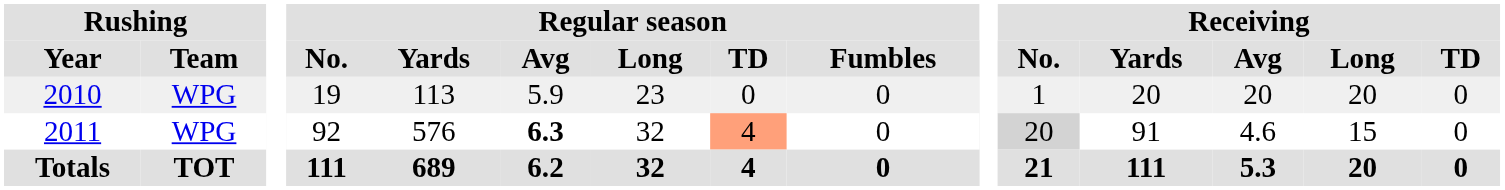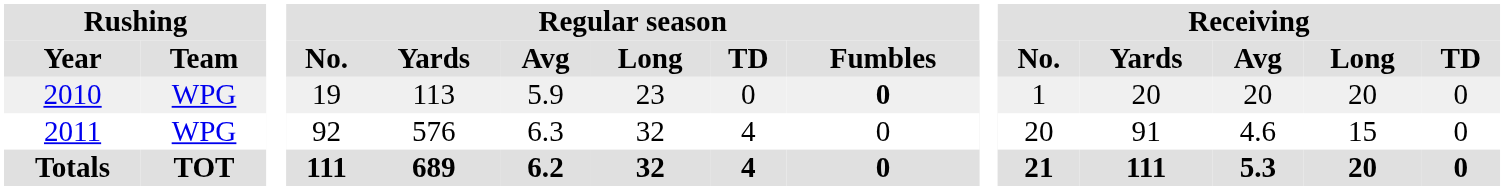 <table BORDER="0" CELLPADDING="1" CELLSPACING="0" width="65%" style="text-align:center">
 <tr bgcolor="#e0e0e0">
 <th colspan="2">Rushing</th>
 <th rowspan="99" bgcolor="#ffffff"> </th>
 <th colspan="6">Regular season</th>
 <th rowspan="99" bgcolor="#ffffff"> </th>
 <th colspan="6">Receiving</th>
 </tr>
 <tr bgcolor="#e0e0e0">
 <th>Year</th>
 <th>Team</th>
 <th>No.</th>
 <th>Yards</th>
 <th>Avg</th>
 <th>Long</th>
 <th>TD</th>
 <th>Fumbles</th>
 <th>No.</th>
 <th>Yards</th>
 <th>Avg</th>
 <th>Long</th>
 <th>TD</th>
 </tr>
 <tr ALIGN="center" bgcolor="#f0f0f0">
 <td><a href='#'>2010</a></td>
 <td><a href='#'>WPG</a></td>
 <td>19</td>
 <td>113</td>
 <td>5.9</td>
 <td>23</td>
 <td>0</td>
-<td>0</td>
+<td><strong>0</strong></td>
 <td>1</td>
 <td>20</td>
 <td>20</td>
 <td>20</td>
 <td>0</td>
 </tr>
 <tr>
 <td><a href='#'>2011</a></td>
 <td><a href='#'>WPG</a></td>
 <td>92</td>
 <td>576</td>
-<td><strong>6.3</strong></td>
+<td>6.3</td>
 <td>32</td>
-<td style="background: lightsalmon;">4</td>
+<td>4</td>
 <td>0</td>
-<td style="background: lightgrey;">20</td>
+<td>20</td>
 <td>91</td>
 <td>4.6</td>
 <td>15</td>
 <td>0</td>
 </tr>
 <tr>
 </tr>
 <tr bgcolor="#e0e0e0">
 <th>Totals</th>
 <th>TOT</th>
 <th>111</th>
 <th>689</th>
 <th>6.2</th>
 <th>32</th>
 <th>4</th>
 <th>0</th>
 <th>21</th>
 <th>111</th>
 <th>5.3</th>
 <th>20</th>
 <th>0</th>
 </tr>
 </table>
